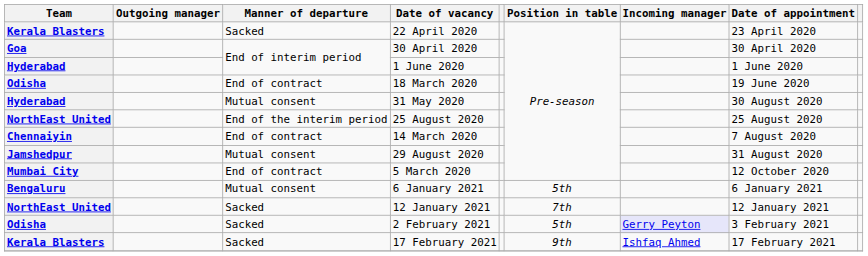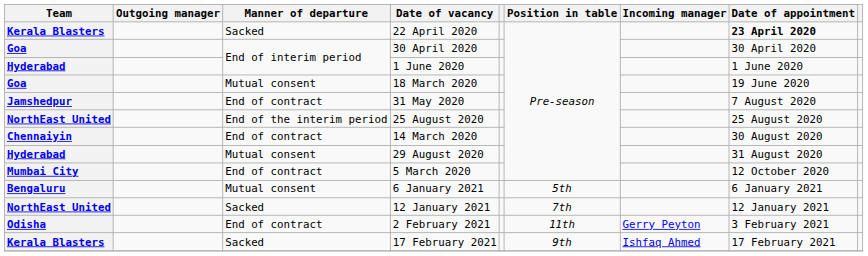 <table class="wikitable sortable">
 <tr>
 <th scope=col>Team</th>
 <th scope=col>Outgoing manager</th>
 <th scope=col>Manner of departure</th>
 <th scope=col>Date of vacancy</th>
 <th scope=col class=unsortable></th>
 <th scope=col>Position in table</th>
 <th scope=col>Incoming manager</th>
 <th scope=col>Date of appointment</th>
 <th scope=col class=unsortable></th>
 </tr>
 <tr>
 <th scope=row style="text-align: left;"><a href='#'>Kerala Blasters</a></th>
 <td> </td>
 <td>Sacked</td>
 <td>22 April 2020</td>
 <td></td>
 <td rowspan="9" align="center"><em>Pre-season</em></td>
 <td> </td>
-<td>23 April 2020</td>
+<td><strong>23 April 2020</strong></td>
 <td></td>
 </tr>
 <tr>
 <th scope=row style="text-align: left;"><a href='#'>Goa</a></th>
 <td> </td>
 <td rowspan="2">End of interim period</td>
 <td>30 April 2020</td>
 <td></td>
 <td> </td>
 <td>30 April 2020</td>
 <td></td>
 </tr>
 <tr>
 <th scope=row style="text-align: left;"><a href='#'>Hyderabad</a></th>
 <td> </td>
 <td>1 June 2020</td>
 <td></td>
 <td> </td>
 <td>1 June 2020</td>
 <td></td>
 </tr>
 <tr>
-<th scope=row style="text-align: left;"><a href='#'>Odisha</a></th>
+<th scope=row style="text-align: left;"><a href='#'>Goa</a></th>
 <td> </td>
-<td rowspan="1">End of contract</td>
+<td rowspan="1">Mutual consent</td>
 <td>18 March 2020</td>
 <td></td>
 <td> </td>
 <td>19 June 2020</td>
 <td></td>
 </tr>
 <tr>
-<th scope=row style="text-align: left;"><a href='#'>Hyderabad</a></th>
+<th scope=row style="text-align: left;"><a href='#'>Jamshedpur</a></th>
 <td> </td>
-<td rowspan="1">Mutual consent</td>
+<td rowspan="1">End of contract</td>
 <td>31 May 2020</td>
 <td></td>
 <td> </td>
-<td>30 August 2020</td>
+<td>7 August 2020</td>
 <td></td>
 </tr>
 <tr>
 <th scope=row style="text-align: left;"><a href='#'>NorthEast United</a></th>
 <td> </td>
 <td>End of the interim period</td>
 <td>25 August 2020</td>
 <td></td>
 <td> </td>
 <td>25 August 2020</td>
 <td></td>
 </tr>
 <tr>
 <th scope=row style="text-align: left;"><a href='#'>Chennaiyin</a></th>
 <td> </td>
 <td rowspan="1">End of contract</td>
 <td>14 March 2020</td>
 <td></td>
 <td> </td>
-<td>7 August 2020</td>
+<td>30 August 2020</td>
 <td></td>
 </tr>
 <tr>
-<th scope=row style="text-align: left;"><a href='#'>Jamshedpur</a></th>
+<th scope=row style="text-align: left;"><a href='#'>Hyderabad</a></th>
 <td> </td>
 <td rowspan="1">Mutual consent</td>
 <td>29 August 2020</td>
 <td></td>
 <td> </td>
 <td>31 August 2020</td>
 <td></td>
 </tr>
 <tr>
 <th scope=row style="text-align: left;"><a href='#'>Mumbai City</a></th>
 <td> </td>
 <td>End of contract</td>
 <td>5 March 2020</td>
 <td></td>
 <td> </td>
 <td>12 October 2020</td>
 <td></td>
 </tr>
 <tr>
 <th scope=row style="text-align: left;"><a href='#'>Bengaluru</a></th>
 <td> </td>
 <td>Mutual consent</td>
 <td>6 January 2021</td>
 <td></td>
 <td rowspan="1" align="center"><em>5th</em></td>
 <td> </td>
 <td>6 January 2021</td>
 <td></td>
 </tr>
 <tr>
 <th scope=row style="text-align: left;"><a href='#'>NorthEast United</a></th>
 <td> </td>
 <td>Sacked</td>
 <td>12 January 2021</td>
 <td></td>
 <td rowspan="1" align="center"><em>7th</em></td>
 <td> </td>
 <td>12 January 2021</td>
 <td></td>
 </tr>
 <tr>
 <th scope=row style="text-align: left;"><a href='#'>Odisha</a></th>
 <td> </td>
-<td>Sacked</td>
+<td>End of contract</td>
 <td>2 February 2021</td>
 <td></td>
-<td rowspan="1" align="center"><em>5th</em></td>
-<td style="background: lavender;"> <a href='#'>Gerry Peyton</a></td>
+<td rowspan="1" align="center"><em>11th</em></td>
+<td> <a href='#'>Gerry Peyton</a></td>
 <td>3 February 2021</td>
 <td></td>
 </tr>
 <tr>
 <th scope=row style="text-align: left;"><a href='#'>Kerala Blasters</a></th>
 <td> </td>
 <td>Sacked</td>
 <td>17 February 2021</td>
 <td></td>
 <td rowspan="1" align="center"><em>9th</em></td>
 <td> <a href='#'>Ishfaq Ahmed</a></td>
 <td>17 February 2021</td>
 <td></td>
 </tr>
 <tr>
 </tr>
 </table>
